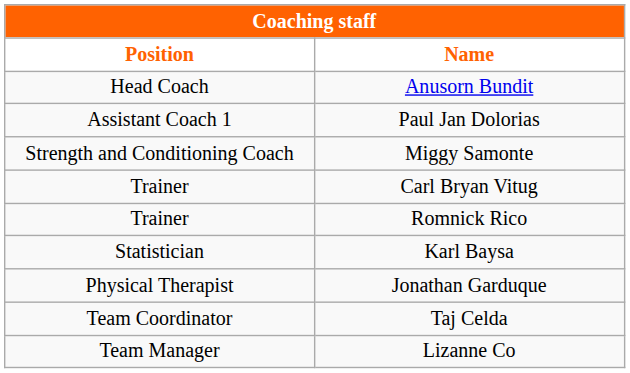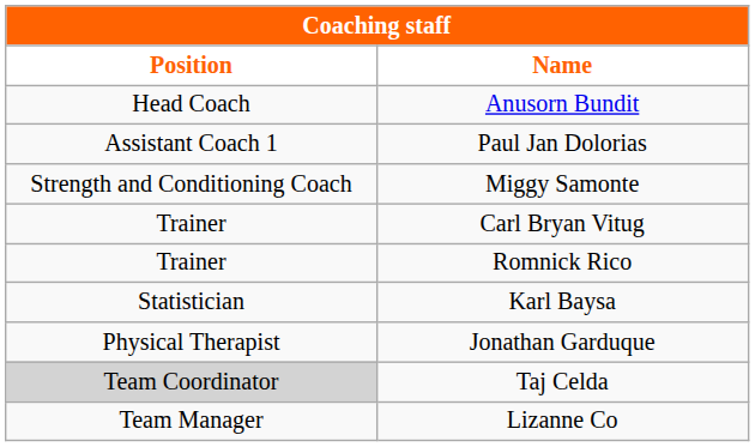 <table class="wikitable sortable" style="font-size:90%; text-align:center;">
 <tr>
 <th colspan="5" style= "background:#FF6201; color:white; text-align: center">Coaching staff</th>
 </tr>
 <tr align=center>
 <th style="width:15em; background:white; color:#FF6201;">Position</th>
 <th style="width:15em; background:white; color:#FF6201;">Name</th>
 </tr>
 <tr>
 <td>Head Coach</td>
 <td><a href='#'>Anusorn Bundit</a></td>
 </tr>
 <tr>
 <td>Assistant Coach 1</td>
 <td>Paul Jan Dolorias</td>
 </tr>
 <tr>
 <td>Strength and Conditioning Coach</td>
 <td>Miggy Samonte</td>
 </tr>
 <tr>
 <td>Trainer</td>
 <td>Carl Bryan Vitug</td>
 </tr>
 <tr>
 <td>Trainer</td>
 <td>Romnick Rico</td>
 </tr>
 <tr>
 <td>Statistician</td>
 <td>Karl Baysa</td>
 </tr>
 <tr>
 <td>Physical Therapist</td>
 <td>Jonathan Garduque</td>
 </tr>
 <tr>
-<td>Team Coordinator</td>
+<td style="background: lightgrey;">Team Coordinator</td>
 <td>Taj Celda</td>
 </tr>
 <tr>
 <td>Team Manager</td>
 <td>Lizanne Co</td>
 </tr>
 </table>
